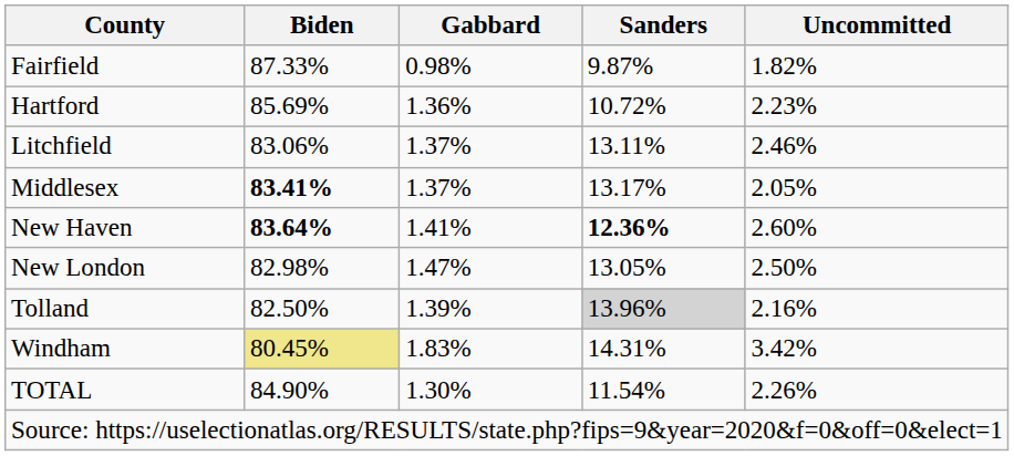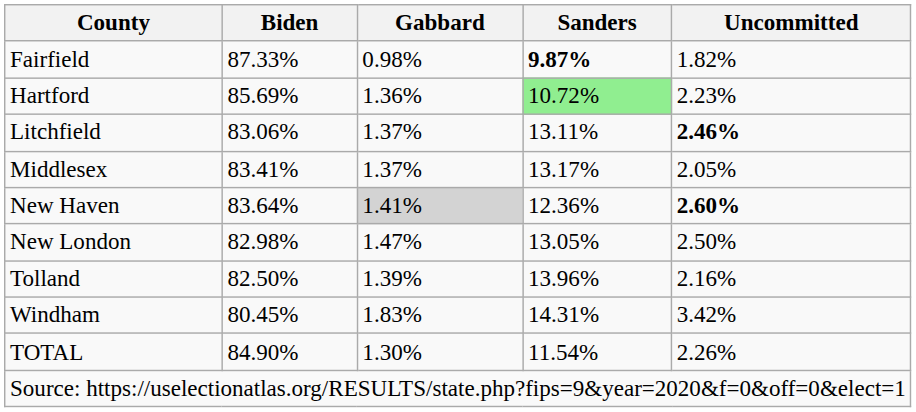 <table class="wikitable sortable">
 <tr>
 <th>County</th>
 <th>Biden</th>
 <th>Gabbard</th>
 <th>Sanders</th>
 <th>Uncommitted</th>
 </tr>
 <tr>
 <td>Fairfield</td>
 <td>87.33%</td>
 <td>0.98%</td>
-<td>9.87%</td>
+<td><strong>9.87%</strong></td>
 <td>1.82%</td>
 </tr>
 <tr>
 <td>Hartford</td>
 <td>85.69%</td>
 <td>1.36%</td>
-<td>10.72%</td>
+<td style="background: lightgreen;">10.72%</td>
 <td>2.23%</td>
 </tr>
 <tr>
 <td>Litchfield</td>
 <td>83.06%</td>
 <td>1.37%</td>
 <td>13.11%</td>
-<td>2.46%</td>
+<td><strong>2.46%</strong></td>
 </tr>
 <tr>
 <td>Middlesex</td>
-<td><strong>83.41%</strong></td>
+<td>83.41%</td>
 <td>1.37%</td>
 <td>13.17%</td>
 <td>2.05%</td>
 </tr>
 <tr>
 <td>New Haven</td>
-<td><strong>83.64%</strong></td>
-<td>1.41%</td>
-<td><strong>12.36%</strong></td>
-<td>2.60%</td>
+<td>83.64%</td>
+<td style="background: lightgrey;">1.41%</td>
+<td>12.36%</td>
+<td><strong>2.60%</strong></td>
 </tr>
 <tr>
 <td>New London</td>
 <td>82.98%</td>
 <td>1.47%</td>
 <td>13.05%</td>
 <td>2.50%</td>
 </tr>
 <tr>
 <td>Tolland</td>
 <td>82.50%</td>
 <td>1.39%</td>
-<td style="background: lightgrey;">13.96%</td>
+<td>13.96%</td>
 <td>2.16%</td>
 </tr>
 <tr>
 <td>Windham</td>
-<td style="background: khaki;">80.45%</td>
+<td>80.45%</td>
 <td>1.83%</td>
 <td>14.31%</td>
 <td>3.42%</td>
 </tr>
 <tr>
 <td>TOTAL</td>
 <td>84.90%</td>
 <td>1.30%</td>
 <td>11.54%</td>
 <td>2.26%</td>
 </tr>
 <tr>
 <td colspan="5">Source: https://uselectionatlas.org/RESULTS/state.php?fips=9&year=2020&f=0&off=0&elect=1</td>
 </tr>
 </table>
